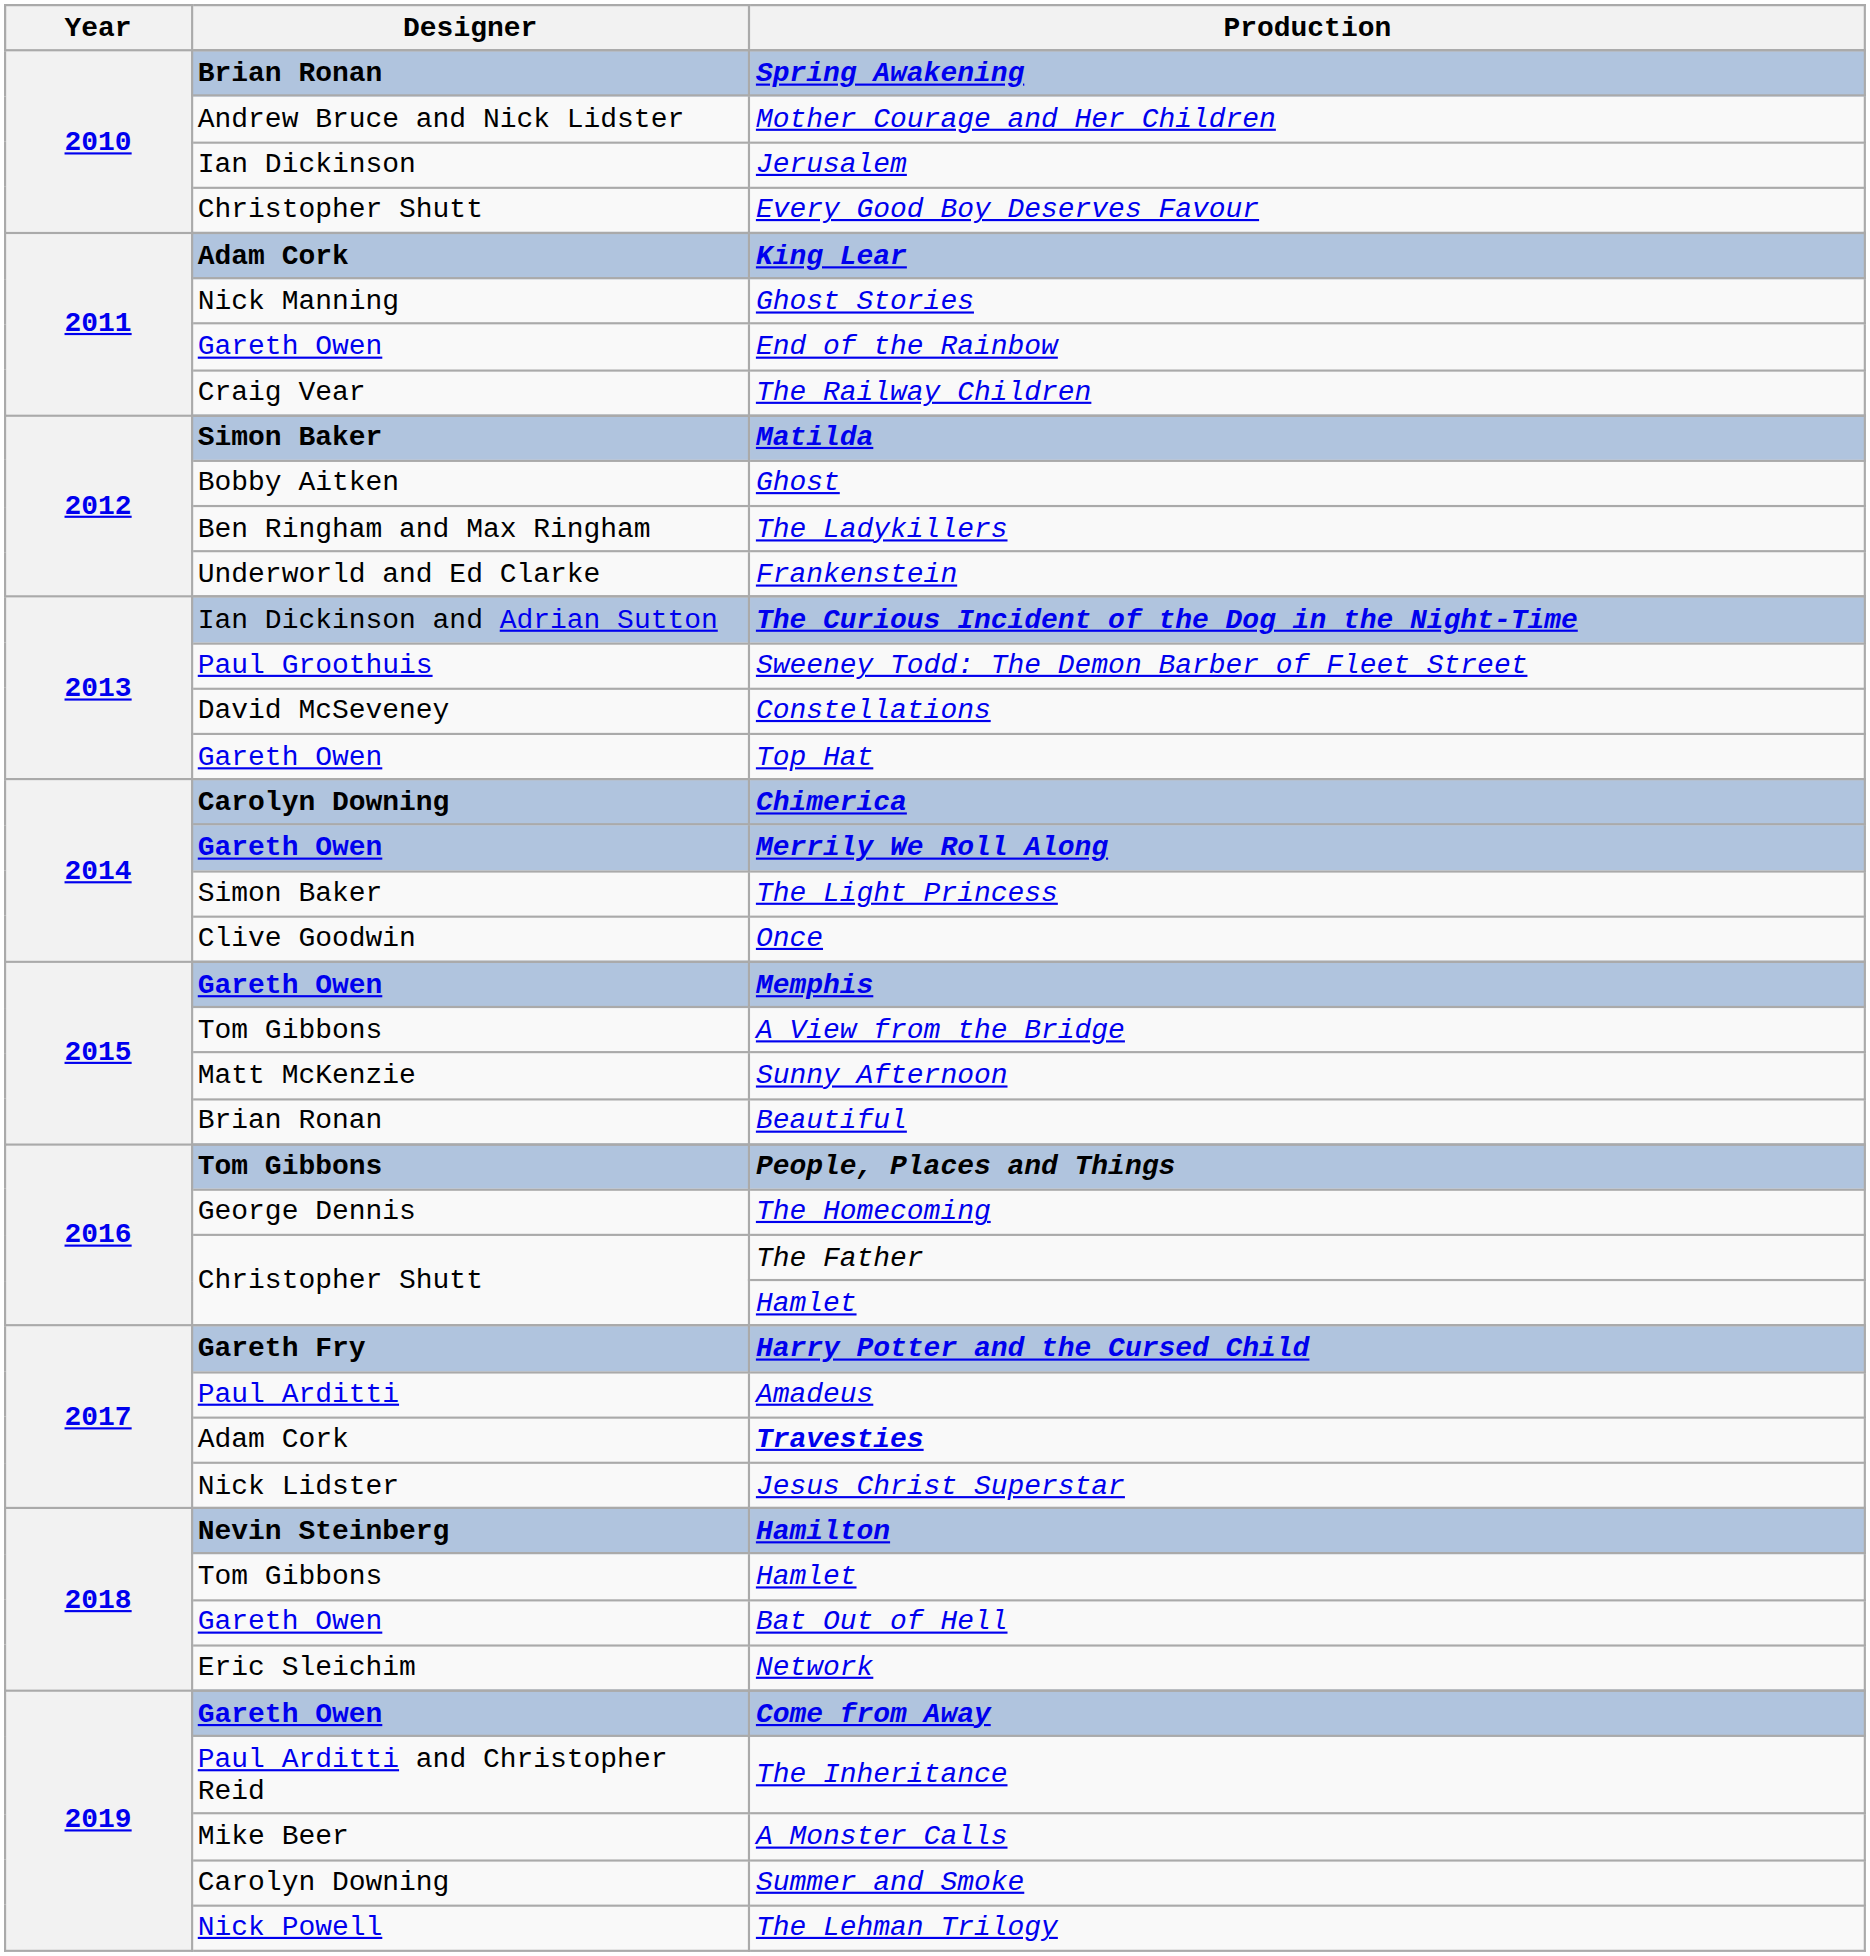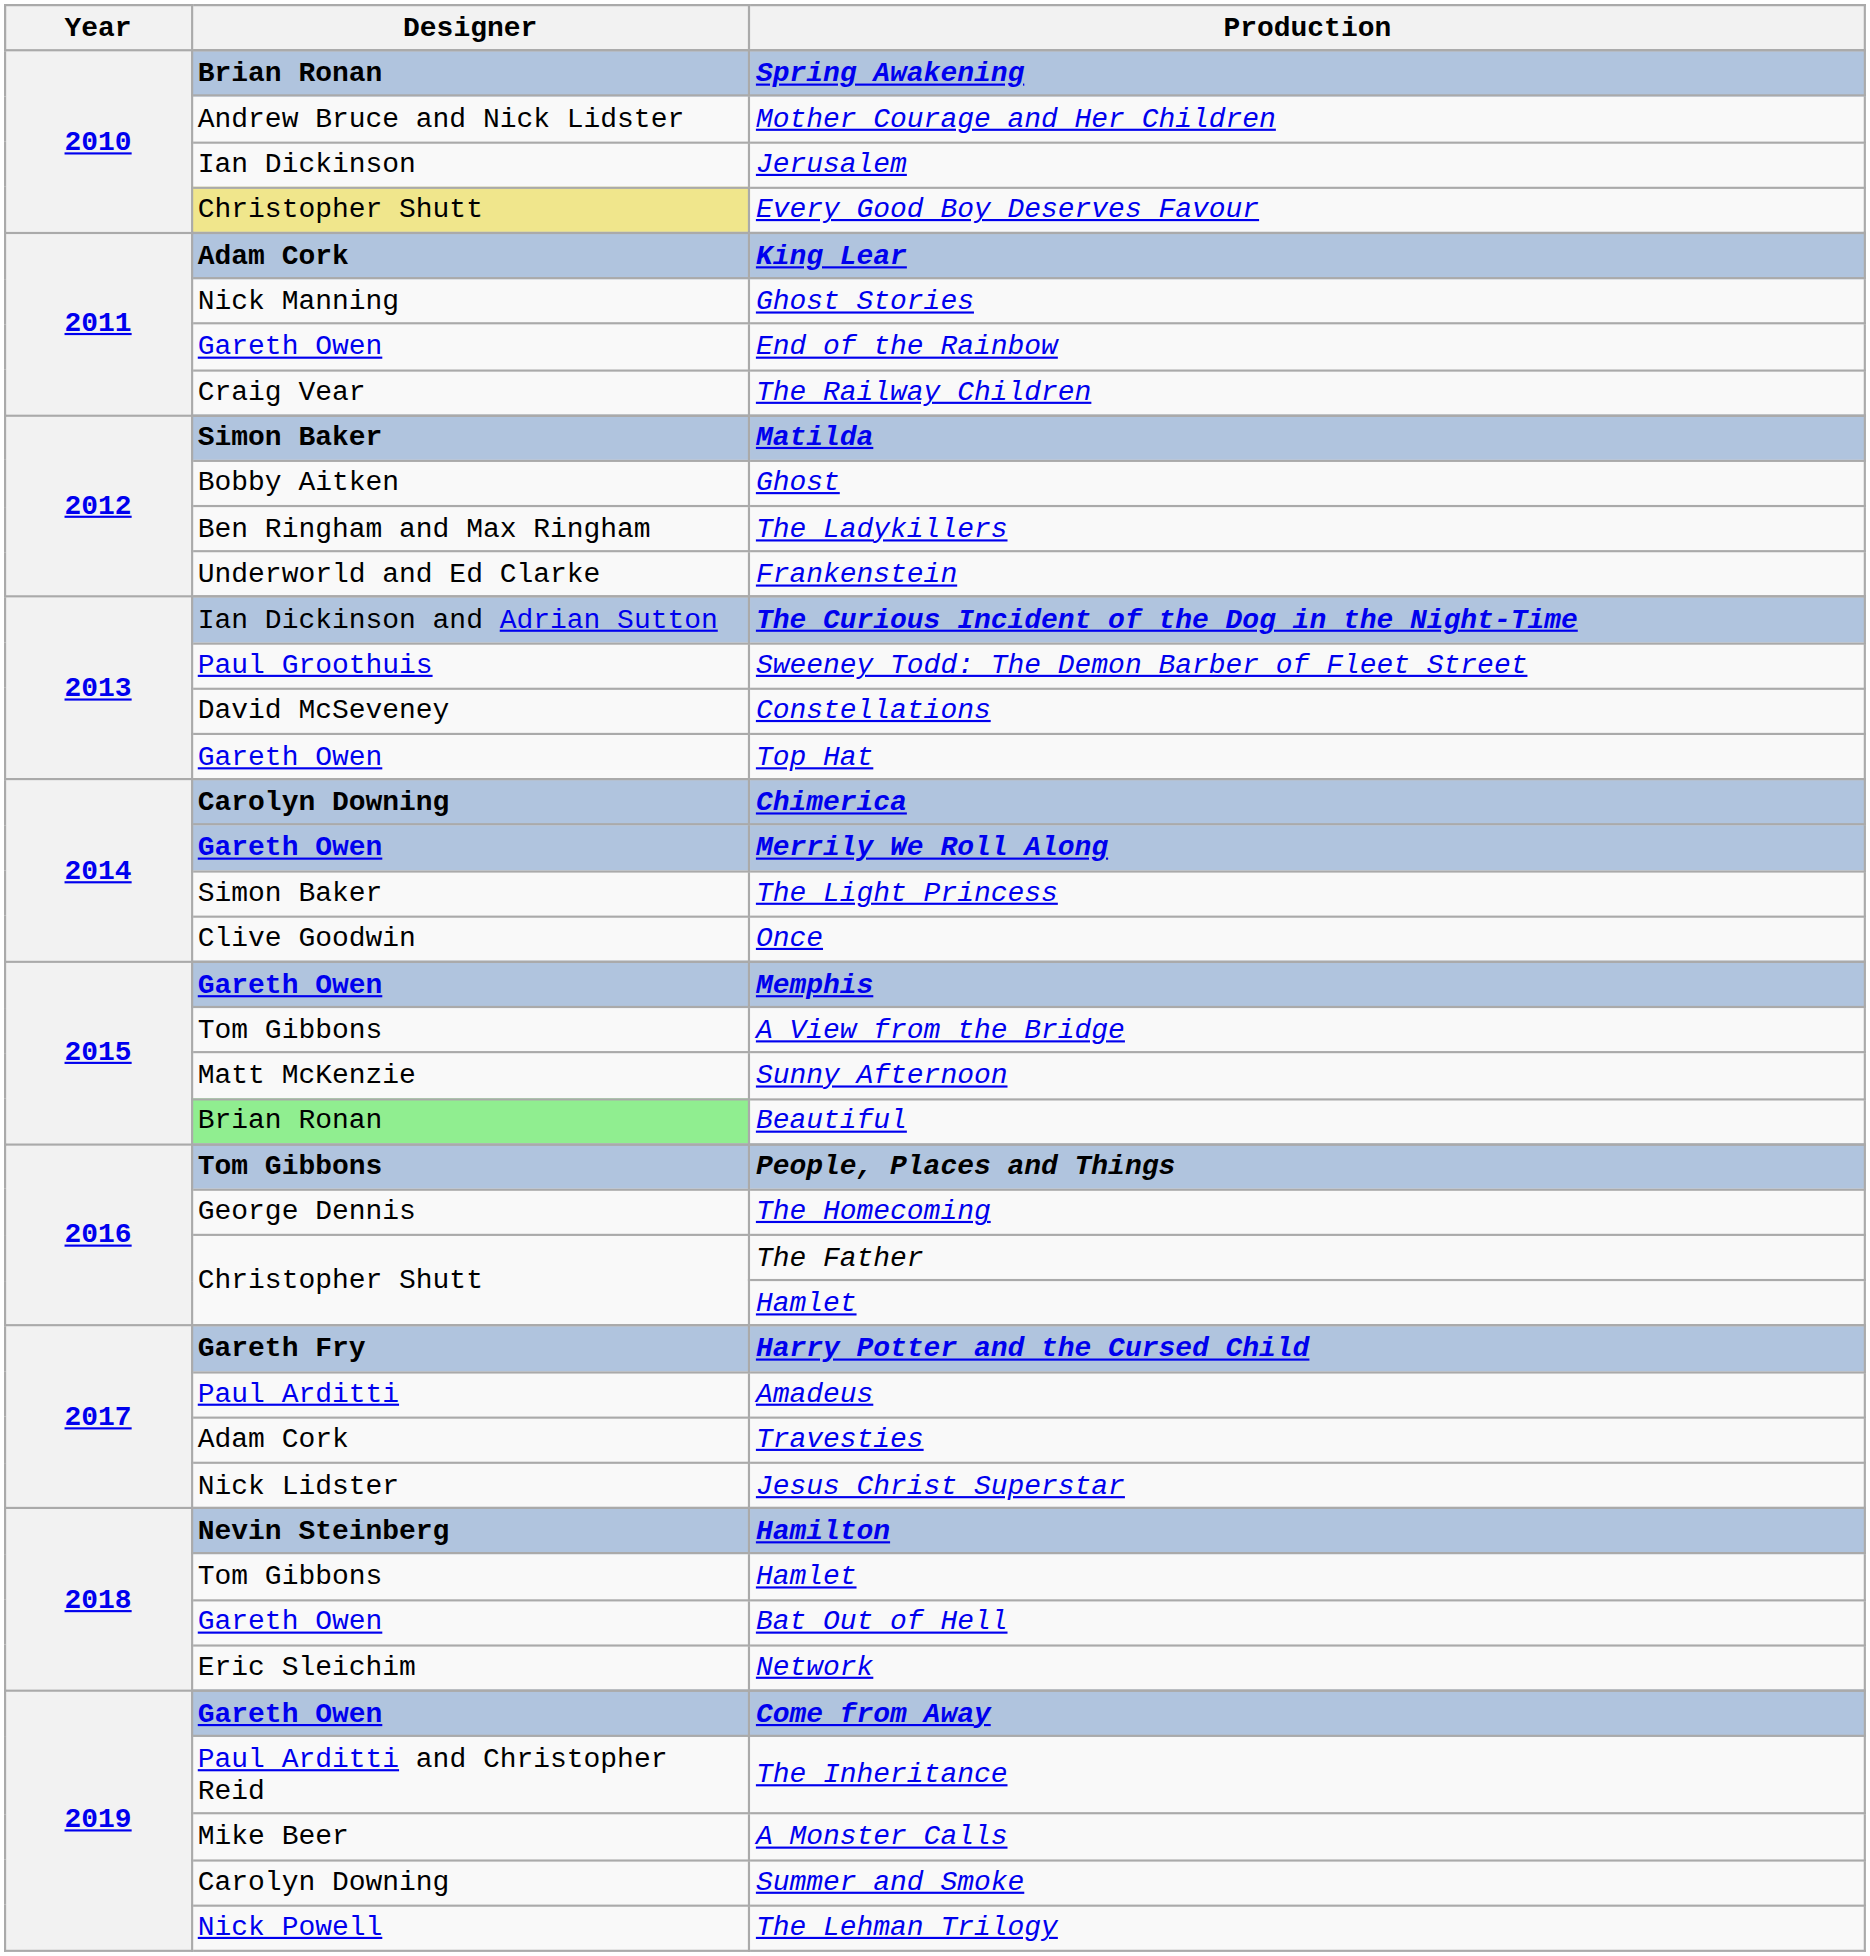 <table class="wikitable" style="width:98%;">
 <tr style="background:#bebebe;">
 <th style="width:10%;">Year</th>
 <th style="width:30%;">Designer</th>
 <th style="width:60%;">Production</th>
 </tr>
 <tr>
 <th rowspan="5" align="center"><a href='#'>2010</a></th>
 </tr>
 <tr style="background:#B0C4DE">
 <td><strong>Brian Ronan</strong></td>
 <td><strong><em><a href='#'>Spring Awakening</a></em></strong></td>
 </tr>
 <tr>
 <td>Andrew Bruce and Nick Lidster</td>
 <td><em><a href='#'>Mother Courage and Her Children</a></em></td>
 </tr>
 <tr>
 <td>Ian Dickinson</td>
 <td><em><a href='#'>Jerusalem</a></em></td>
 </tr>
 <tr>
-<td>Christopher Shutt</td>
+<td style="background: khaki;">Christopher Shutt</td>
 <td><em><a href='#'>Every Good Boy Deserves Favour</a></em></td>
 </tr>
 <tr>
 <th rowspan="5" align="center"><a href='#'>2011</a></th>
 </tr>
 <tr style="background:#B0C4DE">
 <td><strong>Adam Cork</strong></td>
 <td><strong><em><a href='#'>King Lear</a></em></strong></td>
 </tr>
 <tr>
 <td>Nick Manning</td>
 <td><em><a href='#'>Ghost Stories</a></em></td>
 </tr>
 <tr>
 <td><a href='#'>Gareth Owen</a></td>
 <td><em><a href='#'>End of the Rainbow</a></em></td>
 </tr>
 <tr>
 <td>Craig Vear</td>
 <td><em><a href='#'>The Railway Children</a></em></td>
 </tr>
 <tr>
 <th rowspan="5" align="center"><a href='#'>2012</a></th>
 </tr>
 <tr style="background:#B0C4DE">
 <td><strong>Simon Baker</strong></td>
 <td><strong><em><a href='#'>Matilda</a></em></strong></td>
 </tr>
 <tr>
 <td>Bobby Aitken</td>
 <td><em><a href='#'>Ghost</a></em></td>
 </tr>
 <tr>
 <td>Ben Ringham and Max Ringham</td>
 <td><em><a href='#'>The Ladykillers</a></em></td>
 </tr>
 <tr>
 <td>Underworld and Ed Clarke</td>
 <td><em><a href='#'>Frankenstein</a></em></td>
 </tr>
 <tr>
 <th rowspan="5" align="center"><a href='#'>2013</a></th>
 </tr>
 <tr style="background:#B0C4DE">
 <td>Ian Dickinson and <a href='#'>Adrian Sutton</a></td>
 <td><strong><em><a href='#'>The Curious Incident of the Dog in the Night-Time</a></em></strong></td>
 </tr>
 <tr>
 <td><a href='#'>Paul Groothuis</a></td>
 <td><em><a href='#'>Sweeney Todd: The Demon Barber of Fleet Street</a></em></td>
 </tr>
 <tr>
 <td>David McSeveney</td>
 <td><em><a href='#'>Constellations</a></em></td>
 </tr>
 <tr>
 <td><a href='#'>Gareth Owen</a></td>
 <td><em><a href='#'>Top Hat</a></em></td>
 </tr>
 <tr>
 <th rowspan="5" align="center"><a href='#'>2014</a></th>
 </tr>
 <tr style="background:#B0C4DE">
 <td><strong>Carolyn Downing</strong></td>
 <td><strong><em><a href='#'>Chimerica</a></em></strong></td>
 </tr>
 <tr style="background:#B0C4DE">
 <td><strong><a href='#'>Gareth Owen</a></strong></td>
 <td><strong><em><a href='#'>Merrily We Roll Along</a></em></strong></td>
 </tr>
 <tr>
 <td>Simon Baker</td>
 <td><em><a href='#'>The Light Princess</a></em></td>
 </tr>
 <tr>
 <td>Clive Goodwin</td>
 <td><em><a href='#'>Once</a></em></td>
 </tr>
 <tr>
 <th rowspan="5" align="center"><a href='#'>2015</a></th>
 </tr>
 <tr style="background:#B0C4DE">
 <td><strong><a href='#'>Gareth Owen</a></strong></td>
 <td><strong><em><a href='#'>Memphis</a></em></strong></td>
 </tr>
 <tr>
 <td>Tom Gibbons</td>
 <td><em><a href='#'>A View from the Bridge</a></em></td>
 </tr>
 <tr>
 <td>Matt McKenzie</td>
 <td><em><a href='#'>Sunny Afternoon</a></em></td>
 </tr>
 <tr>
-<td>Brian Ronan</td>
+<td style="background: lightgreen;">Brian Ronan</td>
 <td><em><a href='#'>Beautiful</a></em></td>
 </tr>
 <tr>
 <th rowspan="5" align="center"><a href='#'>2016</a></th>
 </tr>
 <tr style="background:#B0C4DE">
 <td><strong>Tom Gibbons</strong></td>
 <td><strong><em>People, Places and Things</em></strong></td>
 </tr>
 <tr>
 <td>George Dennis</td>
 <td><em><a href='#'>The Homecoming</a></em></td>
 </tr>
 <tr>
 <td rowspan="2">Christopher Shutt</td>
 <td><em>The Father</em></td>
 </tr>
 <tr>
 <td><em><a href='#'>Hamlet</a></em></td>
 </tr>
 <tr>
 <th rowspan="5" align="center"><a href='#'>2017</a></th>
 </tr>
 <tr style="background:#B0C4DE">
 <td><strong>Gareth Fry</strong></td>
 <td><strong><em><a href='#'>Harry Potter and the Cursed Child</a></em></strong></td>
 </tr>
 <tr>
 <td><a href='#'>Paul Arditti</a></td>
 <td><em><a href='#'>Amadeus</a></em></td>
 </tr>
 <tr>
 <td>Adam Cork</td>
-<td><strong><em><a href='#'>Travesties</a></em></strong></td>
+<td><em><a href='#'>Travesties</a></em></td>
 </tr>
 <tr>
 <td>Nick Lidster</td>
 <td><em><a href='#'>Jesus Christ Superstar</a></em></td>
 </tr>
 <tr>
 <th rowspan="5"><a href='#'>2018</a></th>
 </tr>
 <tr style="background:#B0C4DE">
 <td><strong>Nevin Steinberg</strong></td>
 <td><a href='#'><strong><em>Hamilton</em></strong></a></td>
 </tr>
 <tr>
 <td>Tom Gibbons</td>
 <td><em><a href='#'>Hamlet</a></em></td>
 </tr>
 <tr>
 <td><a href='#'>Gareth Owen</a></td>
 <td><em><a href='#'>Bat Out of Hell</a></em></td>
 </tr>
 <tr>
 <td>Eric Sleichim</td>
 <td><a href='#'><em>Network</em></a></td>
 </tr>
 <tr>
 <th rowspan=6><a href='#'>2019</a></th>
 </tr>
 <tr style="background:#B0C4DE">
 <td><strong><a href='#'>Gareth Owen</a></strong></td>
 <td><strong><em><a href='#'>Come from Away</a></em></strong></td>
 </tr>
 <tr>
 <td><a href='#'>Paul Arditti</a> and Christopher Reid</td>
 <td><em><a href='#'>The Inheritance</a></em></td>
 </tr>
 <tr>
 <td>Mike Beer</td>
 <td><em><a href='#'>A Monster Calls</a></em></td>
 </tr>
 <tr>
 <td>Carolyn Downing</td>
 <td><em><a href='#'>Summer and Smoke</a></em></td>
 </tr>
 <tr>
 <td><a href='#'>Nick Powell</a></td>
 <td><em><a href='#'>The Lehman Trilogy</a></em></td>
 </tr>
 </table>
